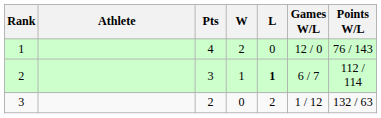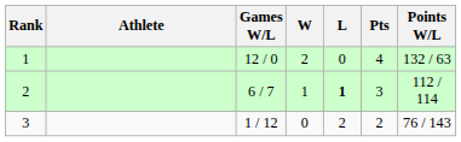 <table class="wikitable" style="text-align: center; font-size:90% ">
 <tr>
 <th width="20">Rank</th>
 <th width="180">Athlete</th>
-<th width="30">Pts</th>
+<th width="40">Games<br>W/L</th>
 <th width="30">W</th>
 <th width="30">L</th>
-<th width="40">Games<br>W/L</th>
+<th width="30">Pts</th>
 <th width="50">Points<br>W/L</th>
 </tr>
 <tr bgcolor=#ccffcc>
 <td>1</td>
 <td align=left></td>
-<td>4</td>
+<td>12 / 0</td>
 <td>2</td>
 <td>0</td>
-<td>12 / 0</td>
-<td>76 / 143</td>
+<td>4</td>
+<td>132 / 63</td>
 </tr>
 <tr bgcolor=#ccffcc>
 <td>2</td>
 <td align=left></td>
-<td>3</td>
+<td>6 / 7</td>
 <td>1</td>
 <td><strong>1</strong></td>
-<td>6 / 7</td>
+<td>3</td>
 <td>112 / 114</td>
 </tr>
 <tr>
 <td>3</td>
 <td align=left></td>
-<td>2</td>
+<td>1 / 12</td>
 <td>0</td>
 <td>2</td>
-<td>1 / 12</td>
-<td>132 / 63</td>
+<td>2</td>
+<td>76 / 143</td>
 </tr>
 </table>
